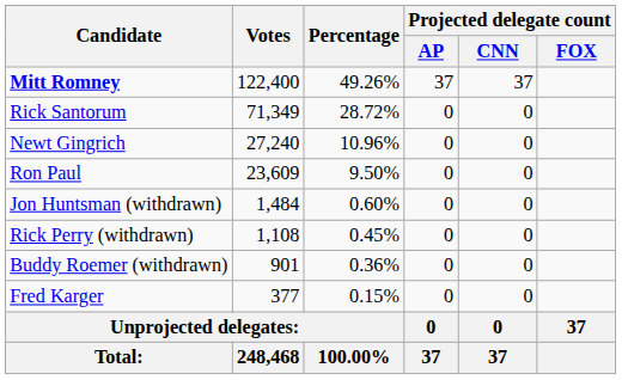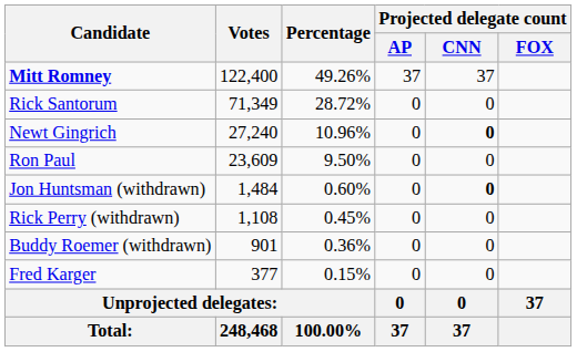 <table class="wikitable" style="text-align:right;">
 <tr>
 <th rowspan="2">Candidate</th>
 <th rowspan="2">Votes</th>
 <th rowspan="2">Percentage</th>
 <th colspan="3">Projected delegate count</th>
 </tr>
 <tr>
 <th><a href='#'>AP</a></th>
 <th><a href='#'>CNN</a><br></th>
 <th><a href='#'>FOX</a><br></th>
 </tr>
 <tr>
 <td style="text-align:left;"> <strong><a href='#'>Mitt Romney</a></strong></td>
 <td>122,400</td>
 <td>49.26%</td>
 <td>37</td>
 <td>37</td>
 <td></td>
 </tr>
 <tr>
 <td style="text-align:left;"><a href='#'>Rick Santorum</a></td>
 <td>71,349</td>
 <td>28.72%</td>
 <td>0</td>
 <td>0</td>
 <td></td>
 </tr>
 <tr>
 <td style="text-align:left;"><a href='#'>Newt Gingrich</a></td>
 <td>27,240</td>
 <td>10.96%</td>
 <td>0</td>
-<td>0</td>
+<td><strong>0</strong></td>
 <td></td>
 </tr>
 <tr>
 <td style="text-align:left;"><a href='#'>Ron Paul</a></td>
 <td>23,609</td>
 <td>9.50%</td>
 <td>0</td>
 <td>0</td>
 <td></td>
 </tr>
 <tr>
 <td style="text-align:left;"><a href='#'>Jon Huntsman</a> (withdrawn)</td>
 <td>1,484</td>
 <td>0.60%</td>
 <td>0</td>
-<td>0</td>
+<td><strong>0</strong></td>
 <td></td>
 </tr>
 <tr>
 <td style="text-align:left;"><a href='#'>Rick Perry</a> (withdrawn)</td>
 <td>1,108</td>
 <td>0.45%</td>
 <td>0</td>
 <td>0</td>
 <td></td>
 </tr>
 <tr>
 <td style="text-align:left;"><a href='#'>Buddy Roemer</a> (withdrawn)</td>
 <td>901</td>
 <td>0.36%</td>
 <td>0</td>
 <td>0</td>
 <td></td>
 </tr>
 <tr>
 <td style="text-align:left;"><a href='#'>Fred Karger</a></td>
 <td>377</td>
 <td>0.15%</td>
 <td>0</td>
 <td>0</td>
 <td></td>
 </tr>
 <tr style="background:#eee;">
 <th colspan="3">Unprojected delegates:</th>
 <th>0</th>
 <th>0</th>
 <th>37</th>
 </tr>
 <tr style="background:#eee;">
 <th>Total:</th>
 <th>248,468</th>
 <th>100.00%</th>
 <th>37</th>
 <th>37</th>
 <th></th>
 </tr>
 </table>
